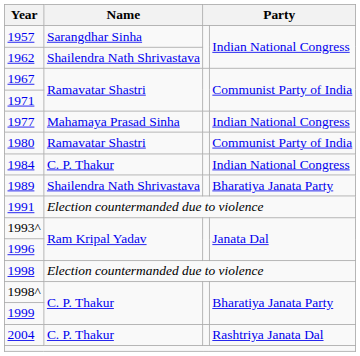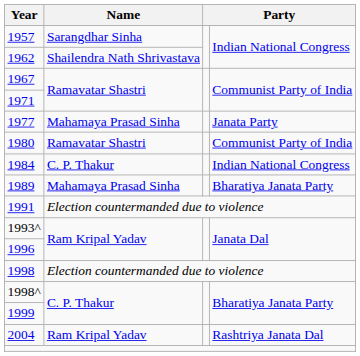 <table class="wikitable">
 <tr>
 <th>Year</th>
 <th>Name</th>
 <th colspan="2">Party</th>
 </tr>
 <tr>
 <td><a href='#'>1957</a></td>
 <td><a href='#'>Sarangdhar Sinha</a></td>
 <td rowspan="2" style="background-color: "></td>
 <td rowspan="2"><a href='#'>Indian National Congress</a></td>
 </tr>
 <tr>
 <td><a href='#'>1962</a></td>
 <td><a href='#'>Shailendra Nath Shrivastava</a></td>
 </tr>
 <tr>
 <td><a href='#'>1967</a></td>
 <td rowspan="2"><a href='#'>Ramavatar Shastri</a></td>
 <td rowspan="2" style="background-color: "></td>
 <td rowspan="2"><a href='#'>Communist Party of India</a></td>
 </tr>
 <tr>
 <td><a href='#'>1971</a></td>
 </tr>
 <tr>
 <td><a href='#'>1977</a></td>
 <td><a href='#'>Mahamaya Prasad Sinha</a></td>
 <td style="background-color: "></td>
-<td><a href='#'>Indian National Congress</a></td>
+<td><a href='#'>Janata Party</a></td>
 </tr>
 <tr>
 <td><a href='#'>1980</a></td>
 <td><a href='#'>Ramavatar Shastri</a></td>
 <td style="background-color: "></td>
 <td><a href='#'>Communist Party of India</a></td>
 </tr>
 <tr>
 <td><a href='#'>1984</a></td>
 <td><a href='#'>C. P. Thakur</a></td>
 <td style="background-color: "></td>
 <td><a href='#'>Indian National Congress</a></td>
 </tr>
 <tr>
 <td><a href='#'>1989</a></td>
-<td><a href='#'>Shailendra Nath Shrivastava</a></td>
+<td><a href='#'>Mahamaya Prasad Sinha</a></td>
 <td style="background-color: "></td>
 <td><a href='#'>Bharatiya Janata Party</a></td>
 </tr>
 <tr>
 <td><a href='#'>1991</a></td>
 <td colspan="3"><em>Election countermanded due to violence</em></td>
 </tr>
 <tr>
 <td>1993^</td>
 <td rowspan="2"><a href='#'>Ram Kripal Yadav</a></td>
 <td rowspan="2" style="background-color: "></td>
 <td rowspan="2"><a href='#'>Janata Dal</a></td>
 </tr>
 <tr>
 <td><a href='#'>1996</a></td>
 </tr>
 <tr>
 <td><a href='#'>1998</a></td>
 <td colspan="3"><em>Election countermanded due to violence</em></td>
 </tr>
 <tr>
 <td>1998^</td>
 <td rowspan="2"><a href='#'>C. P. Thakur</a></td>
 <td rowspan="2" style="background-color: "></td>
 <td rowspan="2"><a href='#'>Bharatiya Janata Party</a></td>
 </tr>
 <tr>
 <td><a href='#'>1999</a></td>
 </tr>
 <tr>
 <td><a href='#'>2004</a></td>
-<td><a href='#'>C. P. Thakur</a></td>
+<td><a href='#'>Ram Kripal Yadav</a></td>
 <td style="background-color: "></td>
 <td><a href='#'>Rashtriya Janata Dal</a></td>
 </tr>
 <tr>
 <td colspan="4"></td>
 </tr>
 </table>
